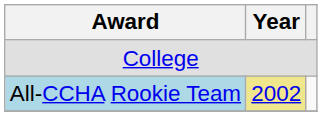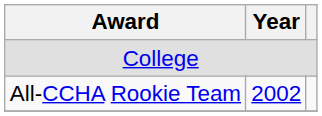 <table class="wikitable">
 <tr>
 <th>Award</th>
 <th>Year</th>
 <th></th>
 </tr>
 <tr ALIGN="center" bgcolor="#e0e0e0">
 <td colspan="3"><a href='#'>College</a></td>
 </tr>
 <tr>
-<td style="background: lightblue;">All-<a href='#'>CCHA</a> <a href='#'>Rookie Team</a></td>
-<td style="background: khaki;"><a href='#'>2002</a></td>
+<td>All-<a href='#'>CCHA</a> <a href='#'>Rookie Team</a></td>
+<td><a href='#'>2002</a></td>
 <td></td>
 </tr>
 <tr>
 </tr>
 </table>
